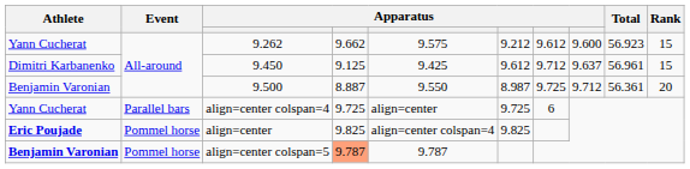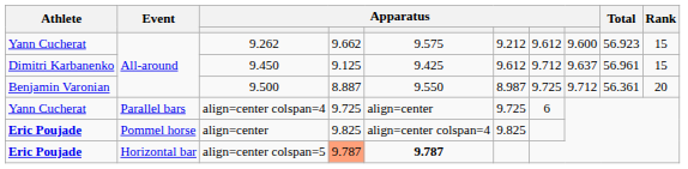 <table class="wikitable" style="font-size:90%">
 <tr>
 <th rowspan=2>Athlete</th>
 <th rowspan=2>Event</th>
 <th colspan =6>Apparatus</th>
 <th rowspan=2>Total</th>
 <th rowspan=2>Rank</th>
 </tr>
 <tr style="font-size:95%">
 <th></th>
 <th></th>
 <th></th>
 <th></th>
 <th></th>
 <th></th>
 </tr>
 <tr>
 <td align=left><a href='#'>Yann Cucherat</a></td>
 <td align=left rowspan=3><a href='#'>All-around</a>     </td>
 <td align=center>9.262</td>
 <td align=center>9.662</td>
 <td align=center>9.575</td>
 <td align=center>9.212</td>
 <td align=center>9.612</td>
 <td align=center>9.600</td>
 <td align=center>56.923</td>
 <td align=center>15</td>
 </tr>
 <tr>
 <td align=left><a href='#'>Dimitri Karbanenko</a></td>
 <td align=center>9.450</td>
 <td align=center>9.125</td>
 <td align=center>9.425</td>
 <td align=center>9.612</td>
 <td align=center>9.712</td>
 <td align=center>9.637</td>
 <td align=center>56.961</td>
 <td align=center>15</td>
 </tr>
 <tr>
 <td align=left><a href='#'>Benjamin Varonian</a></td>
 <td align=center>9.500</td>
 <td align=center>8.887</td>
 <td align=center>9.550</td>
 <td align=center>8.987</td>
 <td align=center>9.725</td>
 <td align=center>9.712</td>
 <td align=center>56.361</td>
 <td align=center>20</td>
 </tr>
 <tr>
 <td align=left><a href='#'>Yann Cucherat</a></td>
 <td align=left><a href='#'>Parallel bars</a></td>
 <td>align=center colspan=4 </td>
 <td align=center>9.725</td>
 <td>align=center </td>
 <td align=center>9.725</td>
 <td align=center>6</td>
 </tr>
 <tr>
 <td align=left><strong><a href='#'>Eric Poujade</a></strong></td>
 <td align=left><a href='#'>Pommel horse</a></td>
 <td>align=center </td>
 <td align=center>9.825</td>
 <td>align=center colspan=4 </td>
 <td align=center>9.825</td>
 <td align=center></td>
 </tr>
 <tr>
-<td align=left><strong><a href='#'>Benjamin Varonian</a></strong></td>
-<td align=left><a href='#'>Pommel horse</a></td>
+<td align=left><strong><a href='#'>Eric Poujade</a></strong></td>
+<td align=left><a href='#'>Horizontal bar</a></td>
 <td>align=center colspan=5 </td>
 <td align=center style="background: lightsalmon;">9.787</td>
-<td align=center>9.787</td>
+<td align=center><strong>9.787</strong></td>
 <td align=center></td>
 </tr>
 </table>
